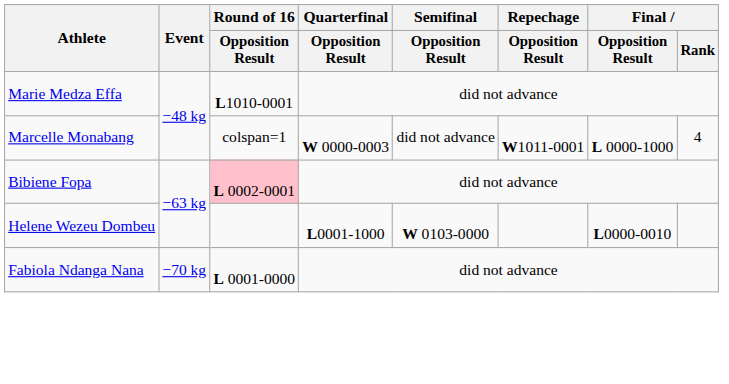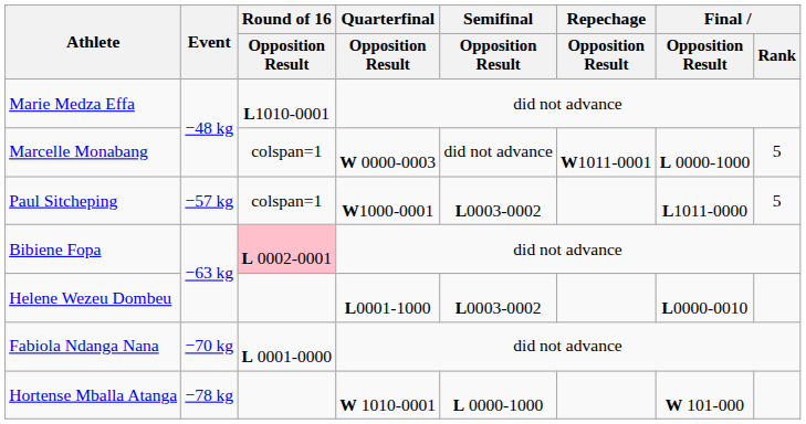 <table class="wikitable" style="font-size:90%">
 <tr>
 <th rowspan=2>Athlete</th>
 <th rowspan=2>Event</th>
 <th>Round of 16</th>
 <th>Quarterfinal</th>
 <th>Semifinal</th>
 <th>Repechage</th>
 <th colspan=2>Final / </th>
 </tr>
 <tr style="font-size: 95%">
 <th>Opposition<br>Result</th>
 <th>Opposition<br>Result</th>
 <th>Opposition<br>Result</th>
 <th>Opposition<br>Result</th>
 <th>Opposition<br>Result</th>
 <th>Rank</th>
 </tr>
 <tr align=center>
 <td align=left><a href='#'>Marie Medza Effa</a></td>
 <td align=left rowspan=2><a href='#'>−48 kg</a></td>
 <td><br><strong>L</strong>1010-0001</td>
 <td colspan=5>did not advance</td>
 </tr>
 <tr align=center>
 <td align=left><a href='#'>Marcelle Monabang</a></td>
 <td>colspan=1 </td>
 <td><br><strong>W</strong> 0000-0003</td>
 <td colspan=1>did not advance</td>
 <td><br><strong>W</strong>1011-0001</td>
 <td><br><strong>L</strong> 0000-1000</td>
-<td>4</td>
+<td>5</td>
+</tr>
+<tr align=center>
+<td align=left><a href='#'>Paul Sitcheping</a></td>
+<td align=left><a href='#'>−57 kg</a></td>
+<td>colspan=1 </td>
+<td><br><strong>W</strong>1000-0001</td>
+<td><br><strong>L</strong>0003-0002</td>
+<td></td>
+<td><br><strong>L</strong>1011-0000</td>
+<td>5</td>
 </tr>
 <tr align=center>
 <td align=left><a href='#'>Bibiene Fopa</a></td>
 <td align=left rowspan=2><a href='#'>−63 kg</a></td>
 <td style="background: pink;"><br><strong>L</strong> 0002-0001</td>
 <td colspan=5>did not advance</td>
 </tr>
 <tr align=center>
 <td align=left><a href='#'>Helene Wezeu Dombeu</a></td>
 <td></td>
 <td><br><strong>L</strong>0001-1000</td>
-<td><br><strong>W</strong> 0103-0000</td>
+<td><br><strong>L</strong>0003-0002</td>
 <td></td>
 <td><br><strong>L</strong>0000-0010</td>
 <td></td>
 </tr>
 <tr align=center>
 <td align=left><a href='#'>Fabiola Ndanga Nana</a></td>
 <td align=left><a href='#'>−70 kg</a></td>
 <td><br><strong>L</strong> 0001-0000</td>
 <td colspan=5>did not advance</td>
 </tr>
+<tr align=center>
+<td align=left><a href='#'>Hortense Mballa Atanga</a></td>
+<td align=left><a href='#'>−78 kg</a></td>
+<td></td>
+<td><br><strong>W</strong> 1010-0001</td>
+<td><br><strong>L</strong> 0000-1000</td>
+<td></td>
+<td><br><strong>W</strong> 101-000</td>
+<td></td>
+</tr>
 </table>
